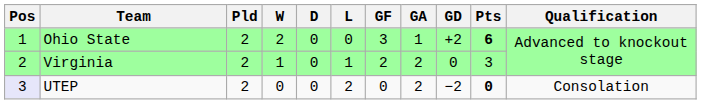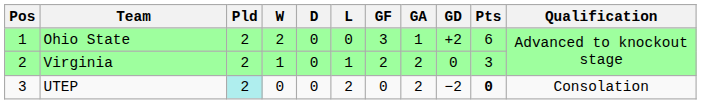 <table class="wikitable" style="text-align:center; margin: 1em auto">
 <tr>
 <th style="width:2em">Pos</th>
 <th style="width:13em">Team</th>
 <th style="width:2em">Pld</th>
 <th style="width:2em">W</th>
 <th style="width:2em">D</th>
 <th style="width:2em">L</th>
 <th style="width:2em">GF</th>
 <th style="width:2em">GA</th>
 <th style="width:2em">GD</th>
 <th style="width:2em">Pts</th>
 <th style="width:13em">Qualification</th>
 </tr>
 <tr bgcolor="#9eff9e">
 <td>1</td>
 <td style="text-align:left">Ohio State</td>
 <td>2</td>
 <td>2</td>
 <td>0</td>
 <td>0</td>
 <td>3</td>
 <td>1</td>
 <td>+2</td>
-<td><strong>6</strong></td>
+<td>6</td>
 <td rowspan="2">Advanced to knockout stage</td>
 </tr>
 <tr bgcolor="#9eff9e">
 <td>2</td>
 <td style="text-align:left">Virginia</td>
 <td>2</td>
 <td>1</td>
 <td>0</td>
 <td>1</td>
 <td>2</td>
 <td>2</td>
 <td>0</td>
 <td>3</td>
 </tr>
 <tr>
-<td style="background: lavender;">3</td>
+<td>3</td>
 <td style="text-align:left">UTEP</td>
-<td>2</td>
+<td style="background: paleturquoise;">2</td>
 <td>0</td>
 <td>0</td>
 <td>2</td>
 <td>0</td>
 <td>2</td>
 <td>−2</td>
 <td><strong>0</strong></td>
 <td>Consolation</td>
 </tr>
 </table>
